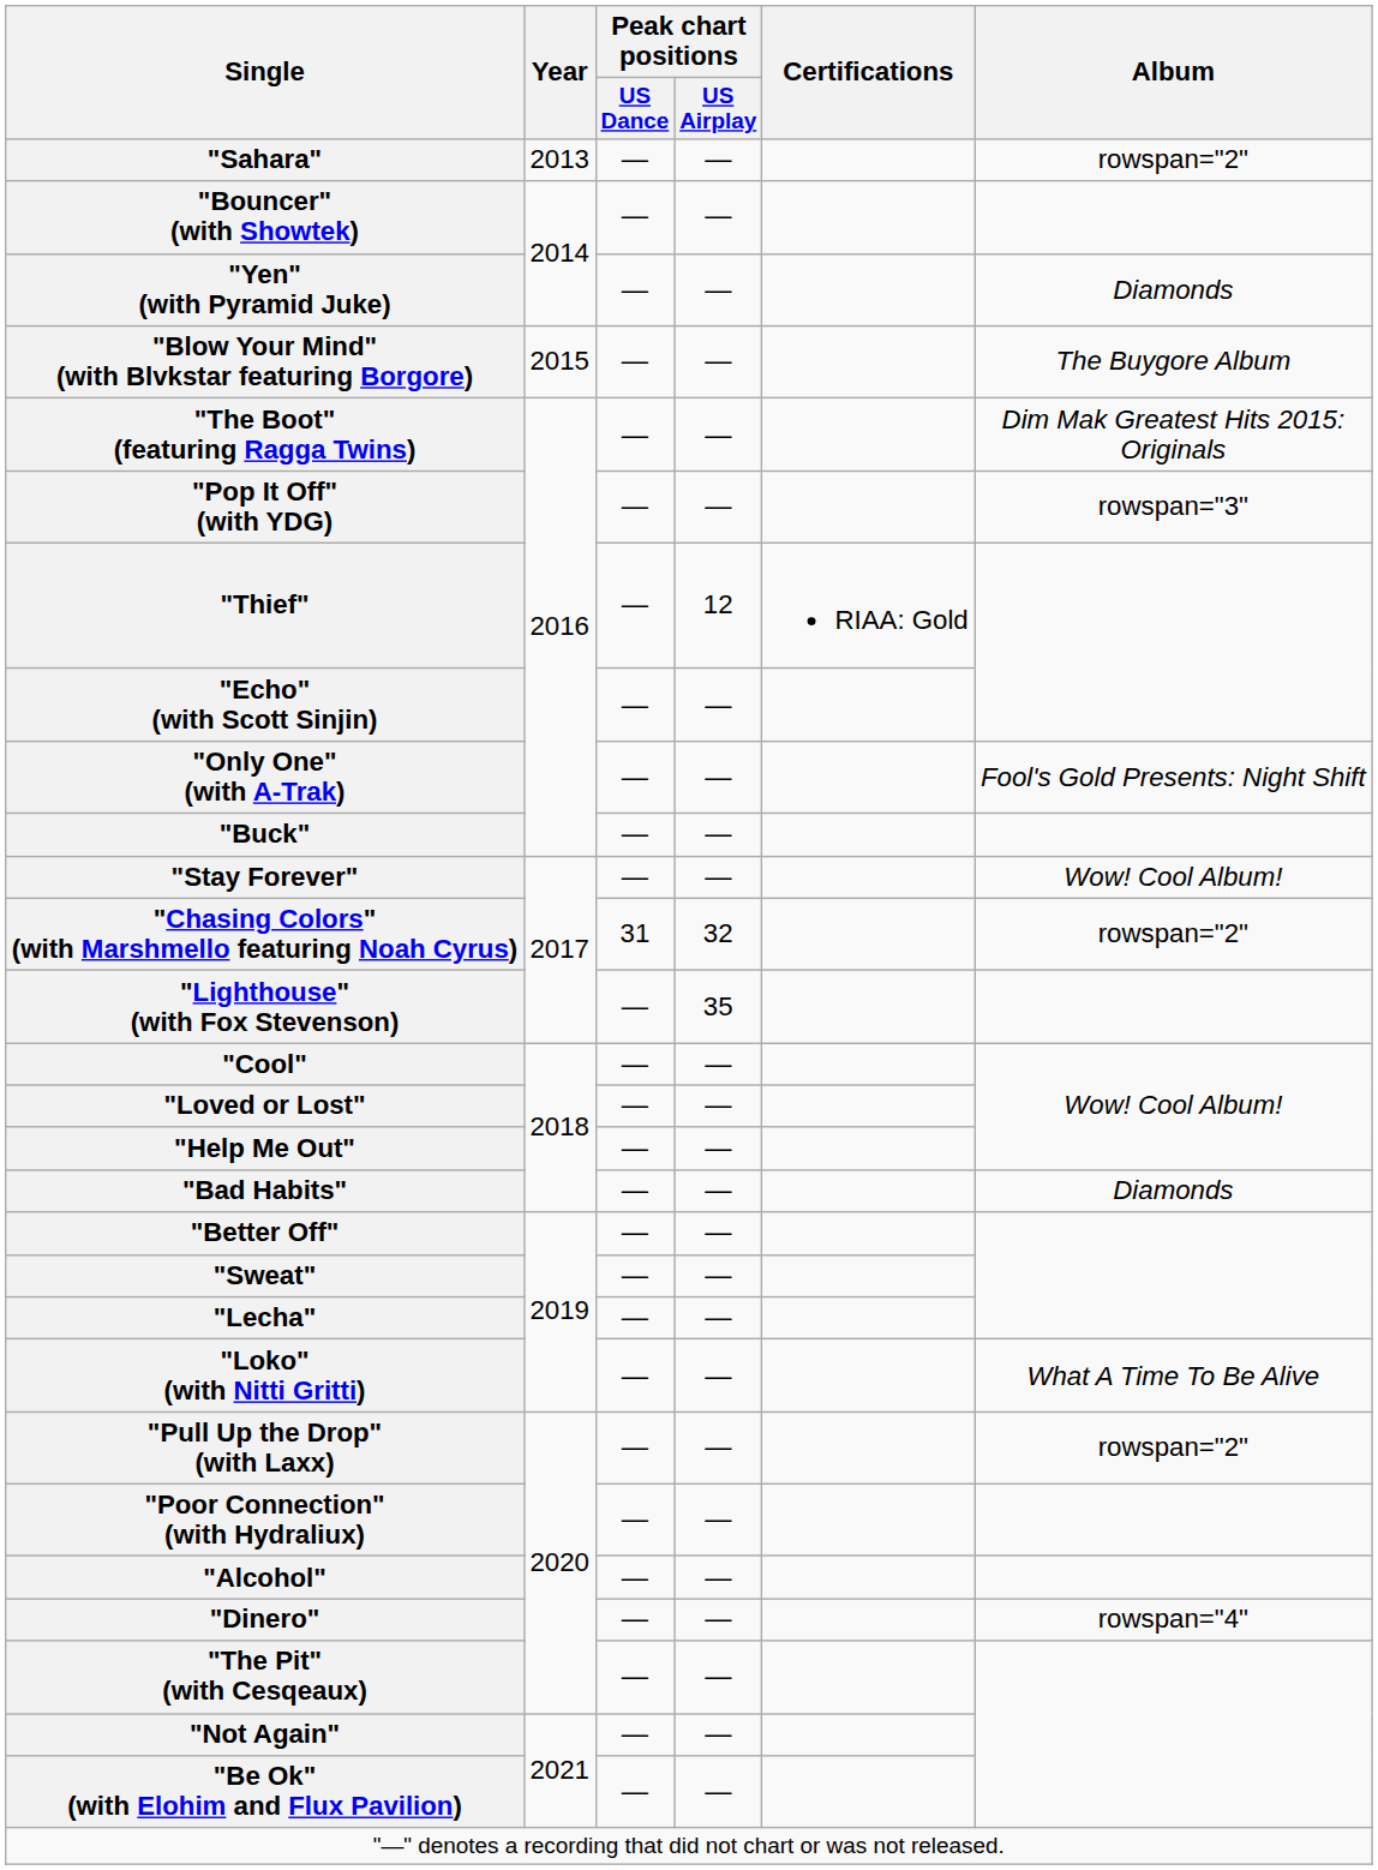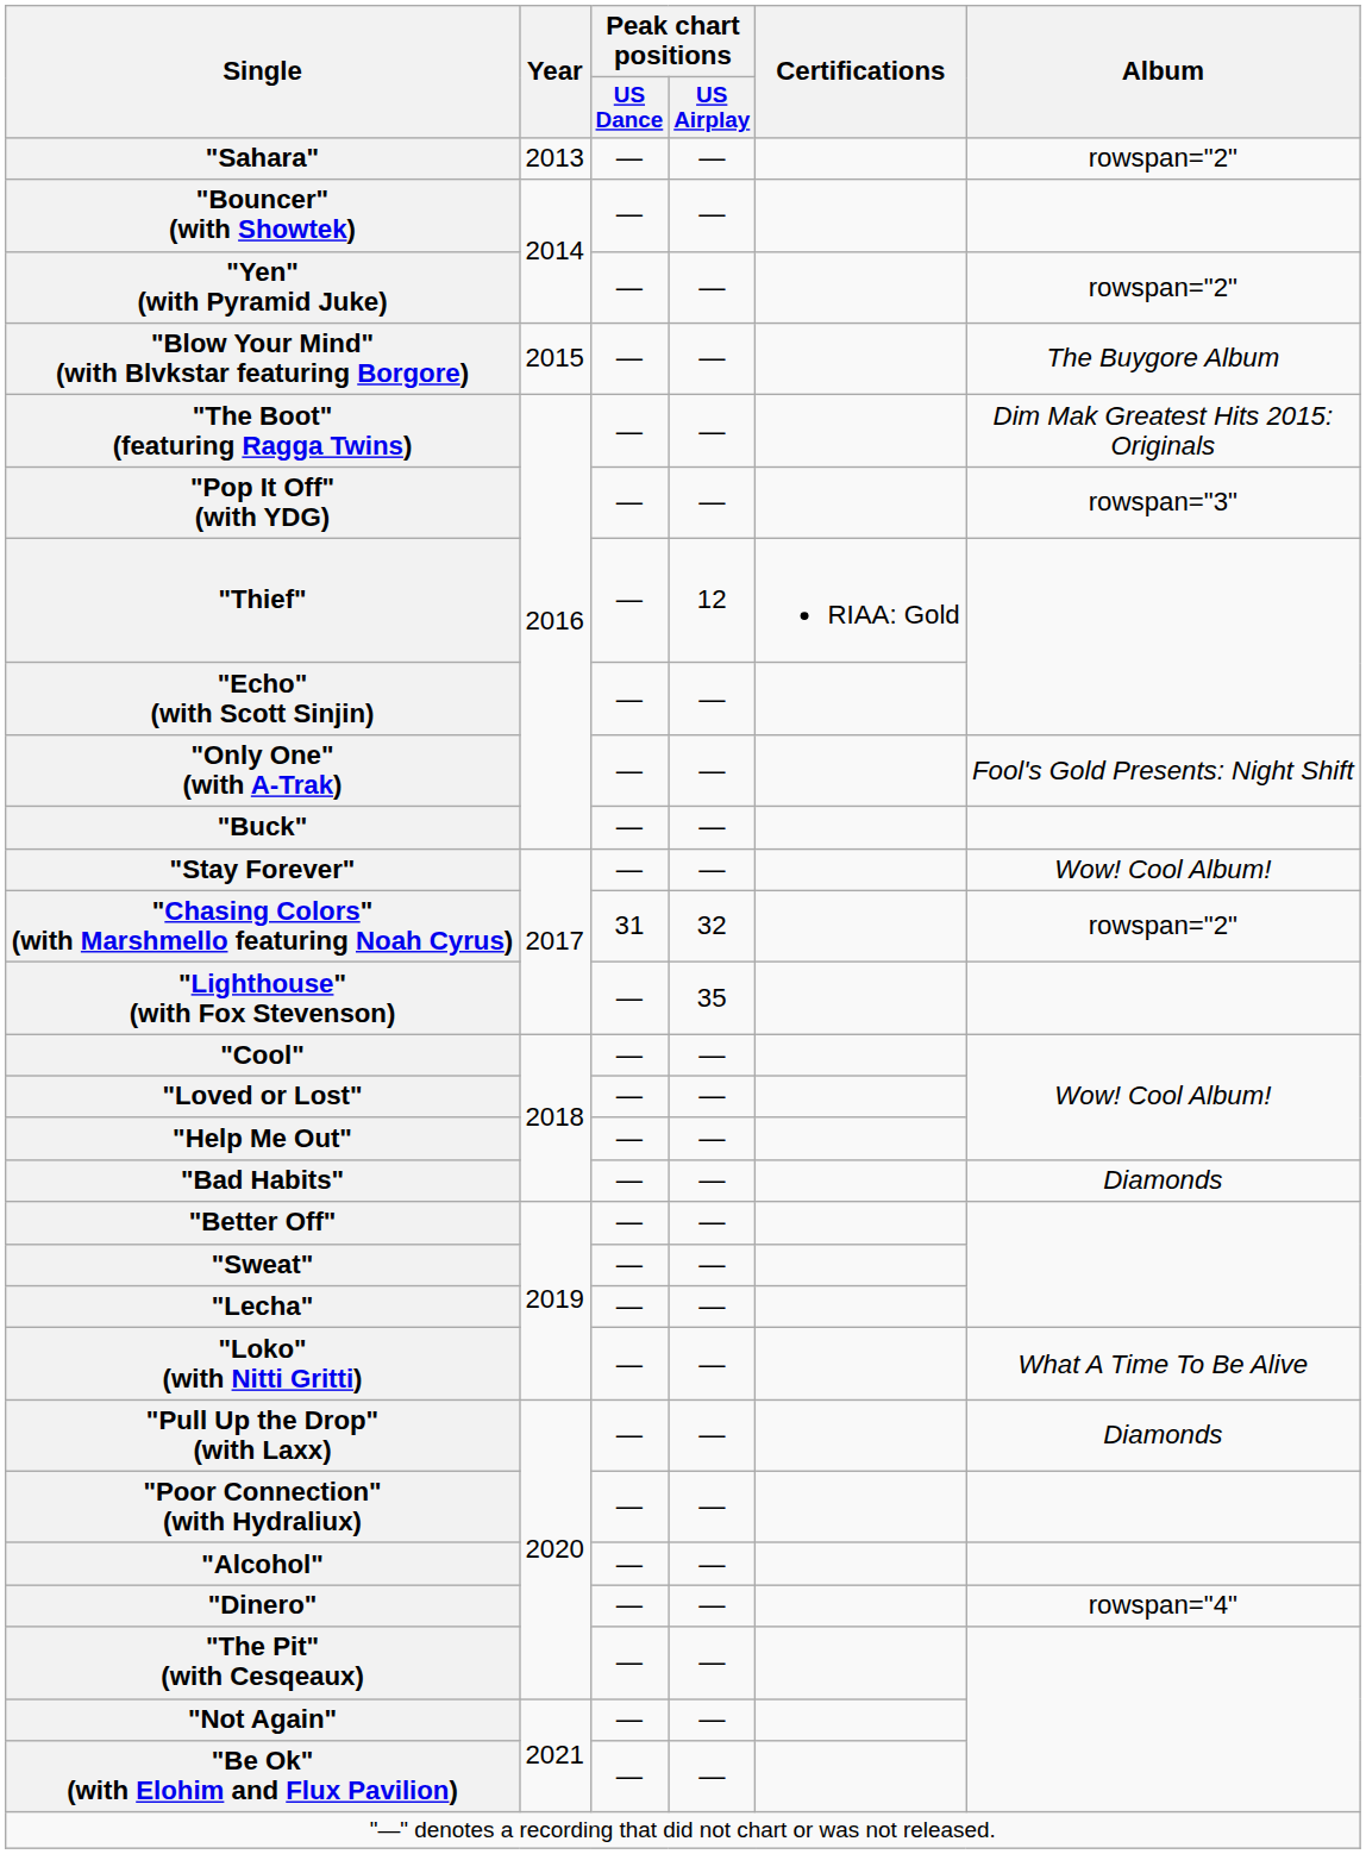 <table class="wikitable plainrowheaders" style="text-align:center;">
 <tr>
 <th rowspan="2" scope="col">Single</th>
 <th rowspan="2" scope="col">Year</th>
 <th colspan="2">Peak chart positions</th>
 <th rowspan="2">Certifications</th>
 <th rowspan="2" scope="col">Album</th>
 </tr>
 <tr>
 <th scope="col" style="width:3em;font-size:85%;"><a href='#'>US<br>Dance</a><br></th>
 <th scope="col" style="width:3em;font-size:85%;"><a href='#'>US<br>Airplay</a><br></th>
 </tr>
 <tr>
 <th scope="row">"Sahara"</th>
 <td>2013</td>
 <td>—</td>
 <td>—</td>
 <td></td>
 <td>rowspan="2" </td>
 </tr>
 <tr>
 <th scope="row">"Bouncer"<br><span>(with <a href='#'>Showtek</a>)</span></th>
 <td rowspan="2">2014</td>
 <td>—</td>
 <td>—</td>
 <td></td>
 </tr>
 <tr>
 <th scope="row">"Yen"<br><span>(with Pyramid Juke)</span></th>
 <td>—</td>
 <td>—</td>
 <td></td>
-<td><em>Diamonds</em></td>
+<td>rowspan="2" </td>
 </tr>
 <tr>
 <th scope="row">"Blow Your Mind"<br><span>(with Blvkstar featuring <a href='#'>Borgore</a>)</span></th>
 <td>2015</td>
 <td>—</td>
 <td>—</td>
 <td></td>
 <td><em>The Buygore Album</em></td>
 </tr>
 <tr>
 <th scope="row">"The Boot"<br><span>(featuring <a href='#'>Ragga Twins</a>)</span></th>
 <td rowspan="6">2016</td>
 <td>—</td>
 <td>—</td>
 <td></td>
 <td><em>Dim Mak Greatest Hits 2015:<br>Originals</em></td>
 </tr>
 <tr>
 <th scope="row">"Pop It Off"<br><span>(with YDG)</span></th>
 <td>—</td>
 <td>—</td>
 <td></td>
 <td>rowspan="3" </td>
 </tr>
 <tr>
 <th scope="row">"Thief"</th>
 <td>—</td>
 <td>12</td>
 <td><br><ul><li>RIAA: Gold</li></ul></td>
 </tr>
 <tr>
 <th scope="row">"Echo"<br><span>(with Scott Sinjin)</span></th>
 <td>—</td>
 <td>—</td>
 <td></td>
 </tr>
 <tr>
 <th scope="row">"Only One"<br><span>(with <a href='#'>A-Trak</a>)</span></th>
 <td>—</td>
 <td>—</td>
 <td></td>
 <td><em>Fool's Gold Presents: Night Shift</em></td>
 </tr>
 <tr>
 <th scope="row">"Buck"</th>
 <td>—</td>
 <td>—</td>
 <td></td>
 <td></td>
 </tr>
 <tr>
 <th scope="row">"Stay Forever"</th>
 <td rowspan="3">2017</td>
 <td>—</td>
 <td>—</td>
 <td></td>
 <td><em>Wow! Cool Album!</em></td>
 </tr>
 <tr>
 <th scope="row">"<a href='#'>Chasing Colors</a>"<br><span>(with <a href='#'>Marshmello</a> featuring <a href='#'>Noah Cyrus</a>)</span></th>
 <td>31<br></td>
 <td>32<br></td>
 <td></td>
 <td>rowspan="2" </td>
 </tr>
 <tr>
 <th scope="row">"<a href='#'>Lighthouse</a>" <br><span>(with Fox Stevenson)</span></th>
 <td>—</td>
 <td>35</td>
 <td></td>
 </tr>
 <tr>
 <th scope="row">"Cool"</th>
 <td rowspan="4">2018</td>
 <td>—</td>
 <td>—</td>
 <td></td>
 <td rowspan="3"><em>Wow! Cool Album!</em></td>
 </tr>
 <tr>
 <th scope="row">"Loved or Lost"</th>
 <td>—</td>
 <td>—</td>
 <td></td>
 </tr>
 <tr>
 <th scope="row">"Help Me Out"</th>
 <td>—</td>
 <td>—</td>
 <td></td>
 </tr>
 <tr>
 <th scope="row">"Bad Habits"</th>
 <td>—</td>
 <td>—</td>
 <td></td>
 <td><em>Diamonds</em></td>
 </tr>
 <tr>
 <th scope="row">"Better Off"</th>
 <td rowspan="4">2019</td>
 <td>—</td>
 <td>—</td>
 <td></td>
 </tr>
 <tr>
 <th scope="row">"Sweat"</th>
 <td>—</td>
 <td>—</td>
 <td></td>
 </tr>
 <tr>
 <th scope="row">"Lecha"</th>
 <td>—</td>
 <td>—</td>
 <td></td>
 </tr>
 <tr>
 <th scope="row">"Loko" <br><span>(with <a href='#'>Nitti Gritti</a>)</span></th>
 <td>—</td>
 <td>—</td>
 <td></td>
 <td><em>What A Time To Be Alive</em></td>
 </tr>
 <tr>
 <th scope="row">"Pull Up the Drop" <br><span>(with Laxx)</span></th>
 <td rowspan="5">2020</td>
 <td>—</td>
 <td>—</td>
 <td></td>
-<td>rowspan="2" </td>
+<td><em>Diamonds</em></td>
 </tr>
 <tr>
 <th scope="row">"Poor Connection" <br><span>(with Hydraliux)</span></th>
 <td>—</td>
 <td>—</td>
 <td></td>
 </tr>
 <tr>
 <th scope="row">"Alcohol"</th>
 <td>—</td>
 <td>—</td>
 <td></td>
 <td></td>
 </tr>
 <tr>
 <th scope="row">"Dinero"</th>
 <td>—</td>
 <td>—</td>
 <td></td>
 <td>rowspan="4" </td>
 </tr>
 <tr>
 <th scope="row">"The Pit" <br><span>(with Cesqeaux)</span></th>
 <td>—</td>
 <td>—</td>
 <td></td>
 </tr>
 <tr>
 <th scope="row">"Not Again"</th>
 <td rowspan="2">2021</td>
 <td>—</td>
 <td>—</td>
 <td></td>
 </tr>
 <tr>
 <th scope="row">"Be Ok" <br><span>(with <a href='#'>Elohim</a> and <a href='#'>Flux Pavilion</a>)</span></th>
 <td>—</td>
 <td>—</td>
 <td></td>
 </tr>
 <tr>
 <td colspan="6" style="font-size:85%">"—" denotes a recording that did not chart or was not released.</td>
 </tr>
 </table>
